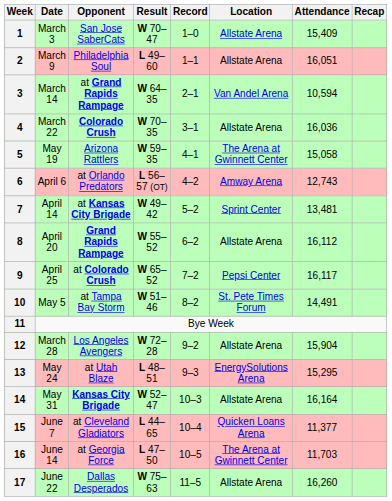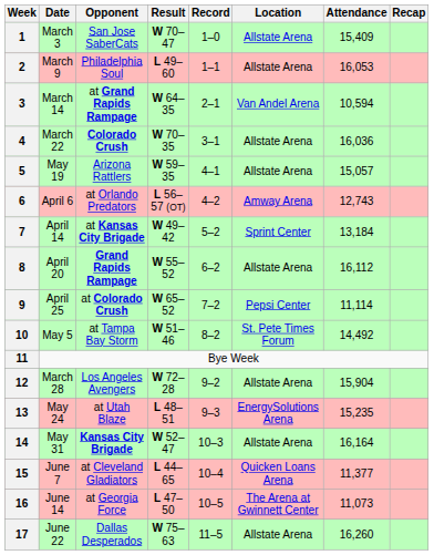 <table class="wikitable" style="text-align:center">
 <tr>
 <th>Week</th>
 <th>Date</th>
 <th>Opponent</th>
 <th>Result</th>
 <th>Record</th>
 <th>Location</th>
 <th>Attendance</th>
 <th>Recap</th>
 </tr>
 <tr bgcolor="#bbffbb">
 <th>1</th>
 <td>March 3</td>
 <td><a href='#'>San Jose SaberCats</a></td>
 <td><strong>W</strong> 70–47</td>
 <td>1–0</td>
 <td><a href='#'>Allstate Arena</a></td>
 <td>15,409</td>
 <td></td>
 </tr>
 <tr bgcolor="#ffbbbb">
 <th>2</th>
 <td>March 9</td>
 <td><a href='#'>Philadelphia Soul</a></td>
 <td><strong>L</strong> 49–60</td>
 <td>1–1</td>
 <td>Allstate Arena</td>
-<td>16,051</td>
+<td>16,053</td>
 <td></td>
 </tr>
 <tr bgcolor="#bbffbb">
 <th>3</th>
 <td>March 14</td>
 <td>at <strong><a href='#'>Grand Rapids Rampage</a></strong></td>
 <td><strong>W</strong> 64–35</td>
 <td>2–1</td>
 <td><a href='#'>Van Andel Arena</a></td>
 <td>10,594</td>
 <td></td>
 </tr>
 <tr bgcolor="#bbffbb">
 <th>4</th>
 <td>March 22</td>
 <td><strong><a href='#'>Colorado Crush</a></strong></td>
 <td><strong>W</strong> 70–35</td>
 <td>3–1</td>
 <td>Allstate Arena</td>
 <td>16,036</td>
 <td></td>
 </tr>
 <tr bgcolor="#bbffbb">
 <th>5</th>
 <td>May 19</td>
 <td><a href='#'>Arizona Rattlers</a></td>
 <td><strong>W</strong> 59–35</td>
 <td>4–1</td>
-<td><a href='#'>The Arena at Gwinnett Center</a></td>
-<td>15,058</td>
+<td>Allstate Arena</td>
+<td>15,057</td>
 <td></td>
 </tr>
 <tr bgcolor="#ffbbbb">
 <th>6</th>
 <td>April 6</td>
 <td>at <a href='#'>Orlando Predators</a></td>
 <td><strong>L</strong> 56–57 <small>(OT)</small></td>
 <td>4–2</td>
 <td><a href='#'>Amway Arena</a></td>
 <td>12,743</td>
 <td></td>
 </tr>
 <tr bgcolor="#bbffbb">
 <th>7</th>
 <td>April 14</td>
 <td>at <strong><a href='#'>Kansas City Brigade</a></strong></td>
 <td><strong>W</strong> 49–42</td>
 <td>5–2</td>
 <td><a href='#'>Sprint Center</a></td>
-<td>13,481</td>
+<td>13,184</td>
 <td></td>
 </tr>
 <tr bgcolor="#bbffbb">
 <th>8</th>
 <td>April 20</td>
 <td><strong><a href='#'>Grand Rapids Rampage</a></strong></td>
 <td><strong>W</strong> 55–52</td>
 <td>6–2</td>
 <td>Allstate Arena</td>
 <td>16,112</td>
 <td></td>
 </tr>
 <tr bgcolor="#bbffbb">
 <th>9</th>
 <td>April 25</td>
 <td>at <strong><a href='#'>Colorado Crush</a></strong></td>
 <td><strong>W</strong> 65–52</td>
 <td>7–2</td>
 <td><a href='#'>Pepsi Center</a></td>
-<td>16,117</td>
+<td>11,114</td>
 <td></td>
 </tr>
 <tr bgcolor="#bbffbb">
 <th>10</th>
 <td>May 5</td>
 <td>at <a href='#'>Tampa Bay Storm</a></td>
 <td><strong>W</strong> 51–46</td>
 <td>8–2</td>
 <td><a href='#'>St. Pete Times Forum</a></td>
-<td>14,491</td>
+<td>14,492</td>
 <td></td>
 </tr>
 <tr>
 <th>11</th>
 <td colspan=7>Bye Week</td>
 </tr>
 <tr bgcolor="#bbffbb">
 <th>12</th>
 <td>March 28</td>
 <td><a href='#'>Los Angeles Avengers</a></td>
 <td><strong>W</strong> 72–28</td>
 <td>9–2</td>
 <td>Allstate Arena</td>
 <td>15,904</td>
 <td></td>
 </tr>
 <tr bgcolor="#ffbbbb">
 <th>13</th>
 <td>May 24</td>
 <td>at <a href='#'>Utah Blaze</a></td>
 <td><strong>L</strong> 48–51</td>
 <td>9–3</td>
 <td><a href='#'>EnergySolutions Arena</a></td>
-<td>15,295</td>
+<td>15,235</td>
 <td></td>
 </tr>
 <tr bgcolor="#bbffbb">
 <th>14</th>
 <td>May 31</td>
 <td><strong><a href='#'>Kansas City Brigade</a></strong></td>
 <td><strong>W</strong> 52–47</td>
 <td>10–3</td>
 <td>Allstate Arena</td>
 <td>16,164</td>
 <td></td>
 </tr>
 <tr bgcolor="#ffbbbb">
 <th>15</th>
 <td>June 7</td>
 <td>at <a href='#'>Cleveland Gladiators</a></td>
 <td><strong>L</strong> 44–65</td>
 <td>10–4</td>
 <td><a href='#'>Quicken Loans Arena</a></td>
 <td>11,377</td>
 <td></td>
 </tr>
 <tr bgcolor="#ffbbbb">
 <th>16</th>
 <td>June 14</td>
 <td>at <a href='#'>Georgia Force</a></td>
 <td><strong>L</strong> 47–50</td>
 <td>10–5</td>
 <td><a href='#'>The Arena at Gwinnett Center</a></td>
-<td>11,703</td>
+<td>11,073</td>
 <td></td>
 </tr>
 <tr bgcolor="#bbffbb">
 <th>17</th>
 <td>June 22</td>
 <td><a href='#'>Dallas Desperados</a></td>
 <td><strong>W</strong> 75–63</td>
 <td>11–5</td>
 <td>Allstate Arena</td>
 <td>16,260</td>
 <td></td>
 </tr>
 </table>
